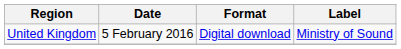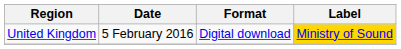 <table class=wikitable>
 <tr>
 <th>Region</th>
 <th>Date</th>
 <th>Format</th>
 <th>Label</th>
 </tr>
 <tr>
 <td><a href='#'>United Kingdom</a></td>
 <td>5 February 2016</td>
 <td><a href='#'>Digital download</a></td>
-<td><a href='#'>Ministry of Sound</a></td>
+<td style="background: gold;"><a href='#'>Ministry of Sound</a></td>
 </tr>
 <tr>
 </tr>
 </table>
